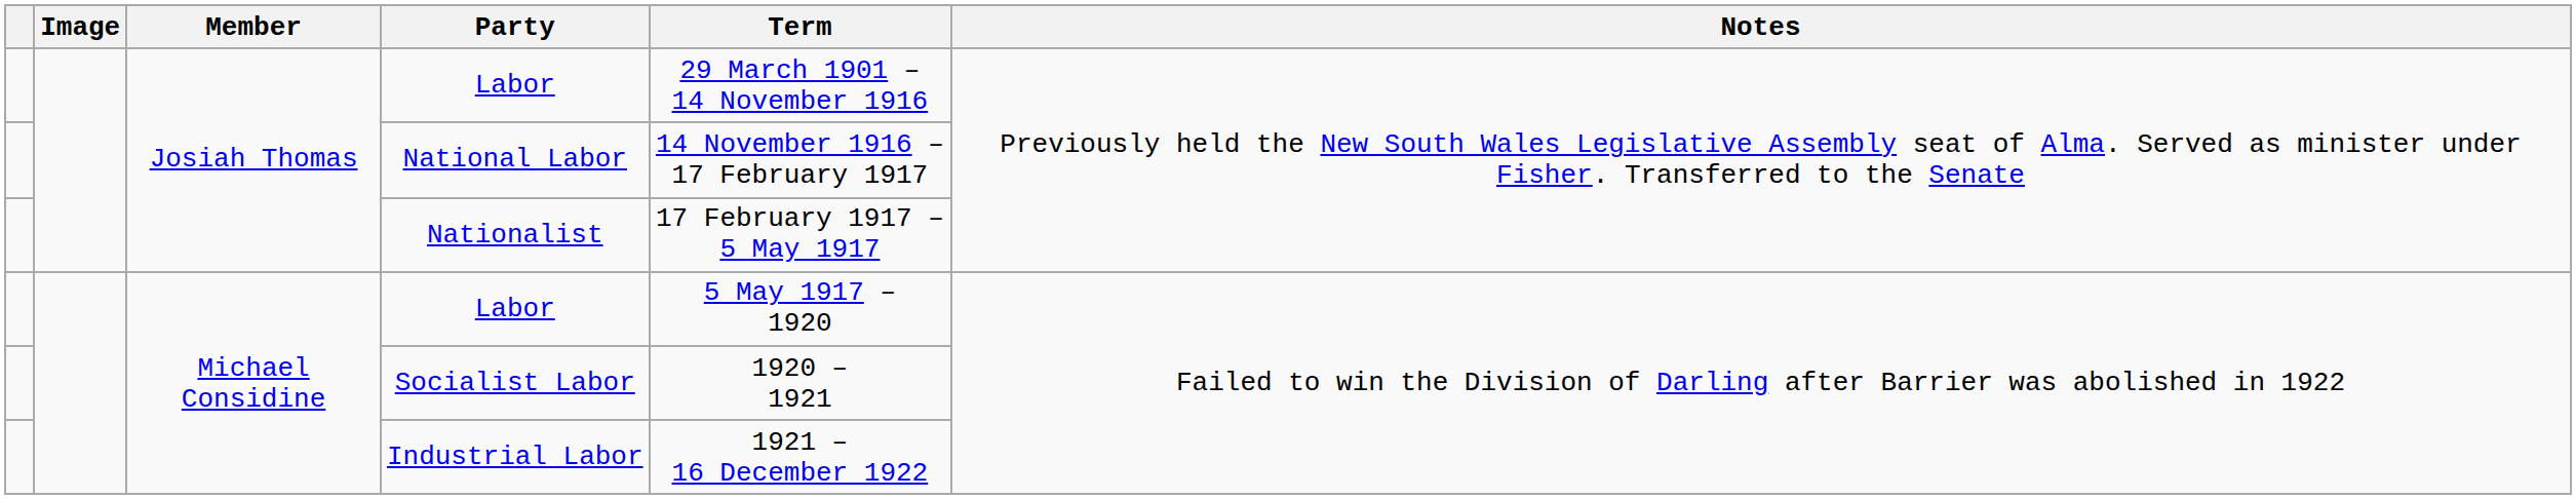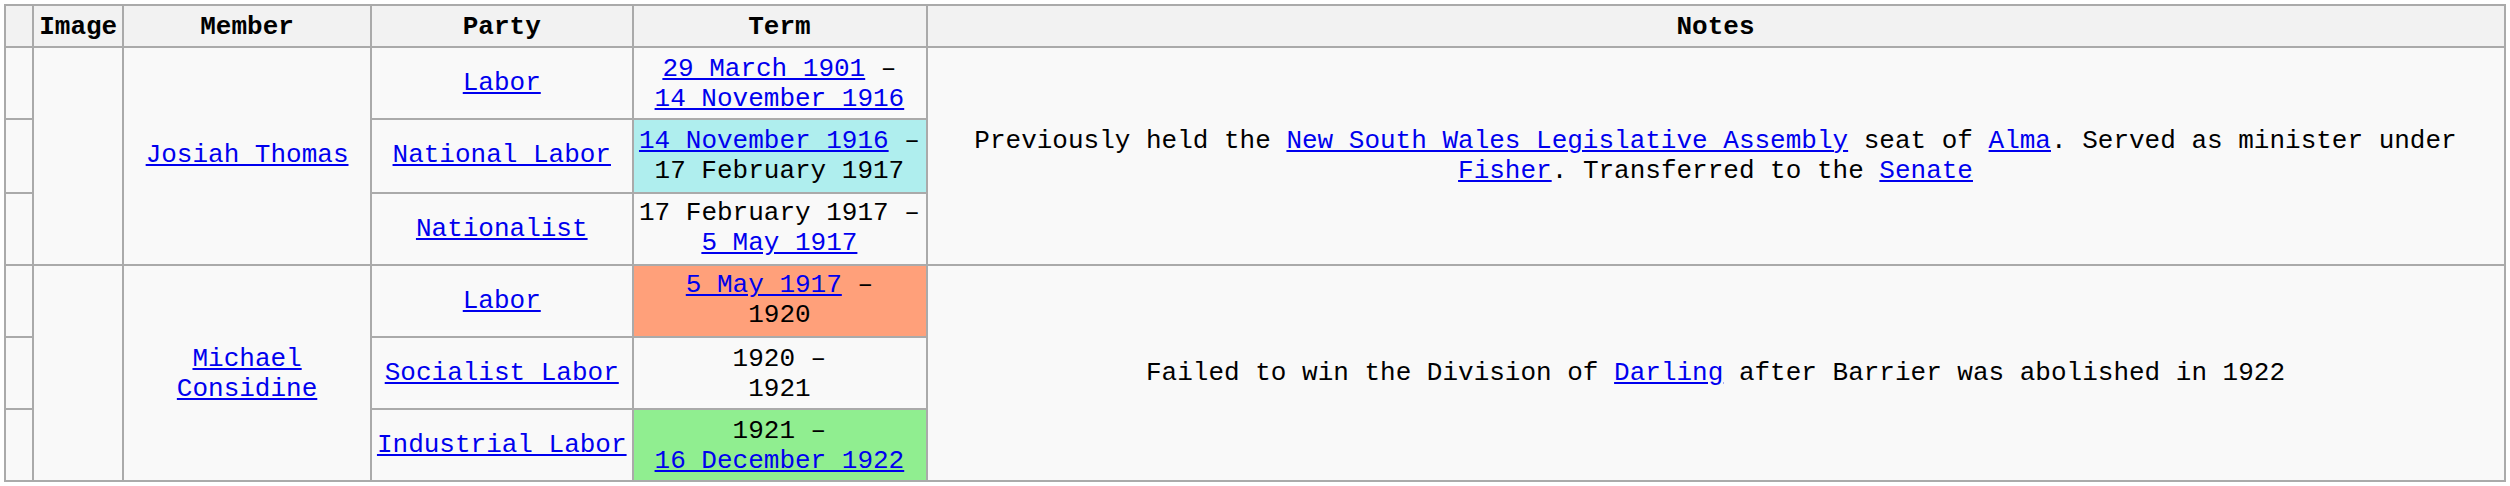 <table class=wikitable style="text-align:center">
 <tr>
 <th></th>
 <th>Image</th>
 <th>Member</th>
 <th>Party</th>
 <th>Term</th>
 <th>Notes</th>
 </tr>
 <tr>
 </tr>
 <tr>
 <td> </td>
 <td rowspan=3></td>
 <td rowspan=3><a href='#'>Josiah Thomas</a><br></td>
 <td><a href='#'>Labor</a></td>
 <td nowrap><a href='#'>29 March 1901</a> –<br><a href='#'>14 November 1916</a></td>
 <td rowspan=3>Previously held the <a href='#'>New South Wales Legislative Assembly</a> seat of <a href='#'>Alma</a>. Served as minister under <a href='#'>Fisher</a>. Transferred to the <a href='#'>Senate</a></td>
 </tr>
 <tr>
 <td> </td>
 <td nowrap><a href='#'>National Labor</a></td>
-<td nowrap><a href='#'>14 November 1916</a> –<br>17 February 1917</td>
+<td nowrap style="background: paleturquoise;"><a href='#'>14 November 1916</a> –<br>17 February 1917</td>
 </tr>
 <tr>
 <td> </td>
 <td nowrap><a href='#'>Nationalist</a></td>
 <td nowrap>17 February 1917 –<br><a href='#'>5 May 1917</a></td>
 </tr>
 <tr>
 <td> </td>
 <td rowspan=3></td>
 <td rowspan=3><a href='#'>Michael Considine</a><br></td>
 <td><a href='#'>Labor</a></td>
-<td nowrap><a href='#'>5 May 1917</a> –<br>1920</td>
+<td nowrap style="background: lightsalmon;"><a href='#'>5 May 1917</a> –<br>1920</td>
 <td rowspan=3>Failed to win the Division of <a href='#'>Darling</a> after Barrier was abolished in 1922</td>
 </tr>
 <tr>
 <td> </td>
 <td nowrap><a href='#'>Socialist Labor</a></td>
 <td nowrap>1920 –<br>1921</td>
 </tr>
 <tr>
 <td> </td>
 <td nowrap><a href='#'>Industrial Labor</a></td>
-<td nowrap>1921 –<br><a href='#'>16 December 1922</a></td>
+<td nowrap style="background: lightgreen;">1921 –<br><a href='#'>16 December 1922</a></td>
 </tr>
 </table>
